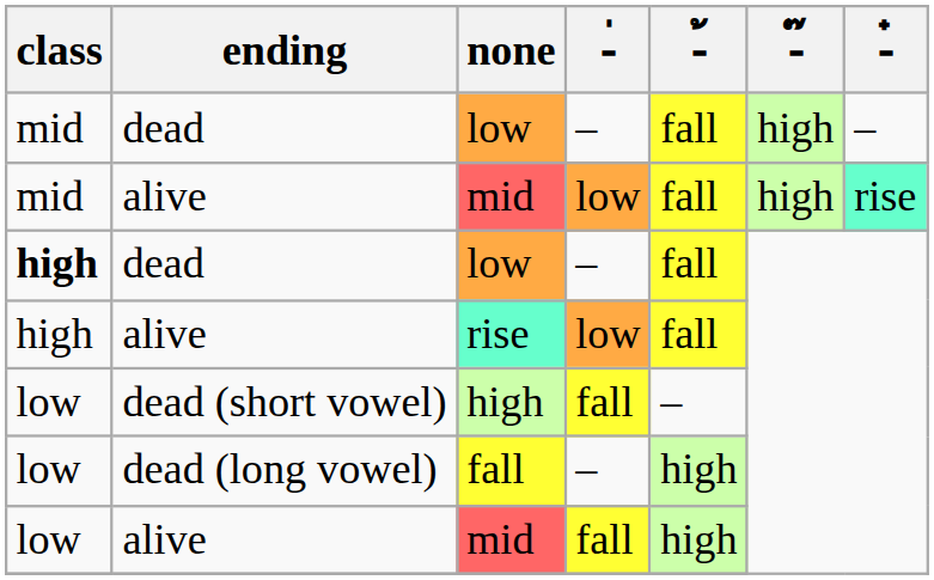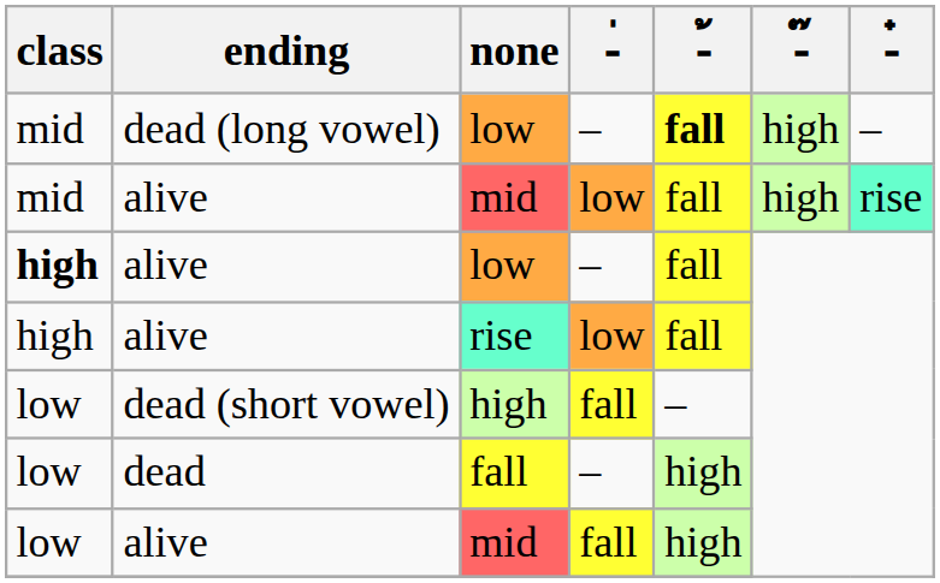 <table class="wikitable">
 <tr>
 <th>class</th>
 <th>ending</th>
 <th>none</th>
 <th>-่</th>
 <th>-้</th>
 <th>-๊</th>
 <th>-๋</th>
 </tr>
 <tr>
 <td>mid</td>
-<td>dead</td>
+<td>dead (long vowel)</td>
 <td style="background: #fa4">low</td>
 <td>–</td>
-<td style="background: #ff3">fall</td>
+<td style="background: #ff3"><strong>fall</strong></td>
 <td style="background: #cfa">high</td>
 <td>–</td>
 </tr>
 <tr>
 <td>mid</td>
 <td>alive</td>
 <td style="background: #f66">mid</td>
 <td style="background: #fa4">low</td>
 <td style="background: #ff3">fall</td>
 <td style="background: #cfa">high</td>
 <td style="background: #6fc">rise</td>
 </tr>
 <tr>
 <td><strong>high</strong></td>
-<td>dead</td>
+<td>alive</td>
 <td style="background: #fa4">low</td>
 <td>–</td>
 <td style="background: #ff3">fall</td>
 </tr>
 <tr>
 <td>high</td>
 <td>alive</td>
 <td style="background: #6fc">rise</td>
 <td style="background: #fa4">low</td>
 <td style="background: #ff3">fall</td>
 </tr>
 <tr>
 <td>low</td>
 <td>dead (short vowel)</td>
 <td style="background: #cfa">high</td>
 <td style="background: #ff3">fall</td>
 <td>–</td>
 </tr>
 <tr>
 <td>low</td>
-<td>dead (long vowel)</td>
+<td>dead</td>
 <td style="background: #ff3">fall</td>
 <td>–</td>
 <td style="background: #cfa">high</td>
 </tr>
 <tr>
 <td>low</td>
 <td>alive</td>
 <td style="background: #f66">mid</td>
 <td style="background: #ff3">fall</td>
 <td style="background: #cfa">high</td>
 </tr>
 <tr>
 </tr>
 </table>
